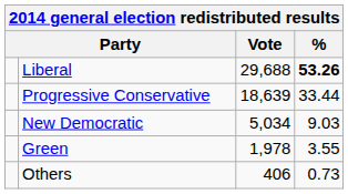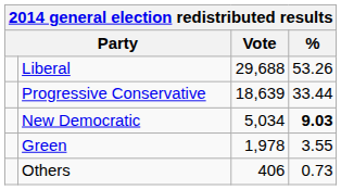 <table class="wikitable">
 <tr>
 <th colspan="4"><a href='#'>2014 general election</a> redistributed results</th>
 </tr>
 <tr>
 <th bgcolor="#DDDDFF" width="130px" colspan="2">Party</th>
 <th bgcolor="#DDDDFF" width="50px">Vote</th>
 <th bgcolor="#DDDDFF" width="30px">%</th>
 </tr>
 <tr>
 <td> </td>
 <td><a href='#'>Liberal</a></td>
 <td align=right>29,688</td>
-<td align=right><strong>53.26</strong></td>
+<td align=right>53.26</td>
 </tr>
 <tr>
 <td> </td>
 <td><a href='#'>Progressive Conservative</a></td>
 <td align=right>18,639</td>
 <td align=right>33.44</td>
 </tr>
 <tr>
 <td> </td>
 <td><a href='#'>New Democratic</a></td>
 <td align=right>5,034</td>
-<td align=right>9.03</td>
+<td align=right><strong>9.03</strong></td>
 </tr>
 <tr>
 <td> </td>
 <td><a href='#'>Green</a></td>
 <td align=right>1,978</td>
 <td align=right>3.55</td>
 </tr>
 <tr>
 <td> </td>
 <td>Others</td>
 <td align=right>406</td>
 <td align=right>0.73</td>
 </tr>
 </table>
